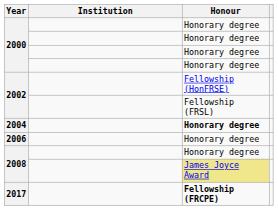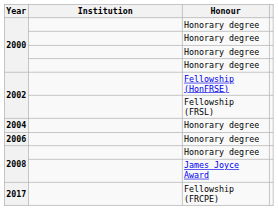 <table class="wikitable sortable plainrowheaders">
 <tr>
 <th scope=col>Year</th>
 <th scope=col style="width: 18em">Institution</th>
 <th scope=col style="width: 10em">Honour</th>
 <th scope=col class=unsortable></th>
 </tr>
 <tr>
 <th scope=row style="text-align: center" rowspan=4>2000</th>
 <td></td>
 <td>Honorary degree</td>
 <td style="text-align: center"></td>
 </tr>
 <tr>
 <td></td>
 <td>Honorary degree</td>
 <td style="text-align: center"></td>
 </tr>
 <tr>
 <td></td>
 <td>Honorary degree</td>
 <td style="text-align: center"></td>
 </tr>
 <tr>
 <td></td>
 <td>Honorary degree</td>
 <td style="text-align: center"></td>
 </tr>
 <tr>
 <th scope=row style="text-align: center" rowspan=2>2002</th>
 <td></td>
 <td><a href='#'>Fellowship (HonFRSE)</a></td>
 <td style="text-align: center"></td>
 </tr>
 <tr>
 <td></td>
 <td>Fellowship (FRSL)</td>
 <td style="text-align: center"></td>
 </tr>
 <tr>
 <th scope=row style="text-align: center">2004</th>
 <td></td>
-<td><strong>Honorary degree</strong></td>
+<td>Honorary degree</td>
 <td style="text-align: center"></td>
 </tr>
 <tr>
 <th scope=row style="text-align: center">2006</th>
 <td></td>
 <td>Honorary degree</td>
 <td style="text-align: center"></td>
 </tr>
 <tr>
 <th scope=row style="text-align: center" rowspan=2>2008</th>
 <td></td>
 <td>Honorary degree</td>
 <td style="text-align: center"></td>
 </tr>
 <tr>
 <td></td>
-<td style="background: khaki;"><a href='#'>James Joyce Award</a></td>
+<td><a href='#'>James Joyce Award</a></td>
 <td style="text-align: center"></td>
 </tr>
 <tr>
 <th scope=row style="text-align: center">2017</th>
 <td></td>
-<td><strong>Fellowship (FRCPE)</strong></td>
+<td>Fellowship (FRCPE)</td>
 <td style="text-align: center"></td>
 </tr>
 </table>
